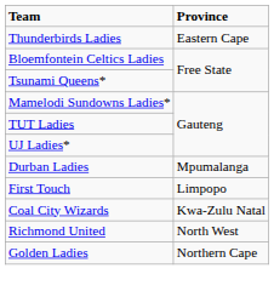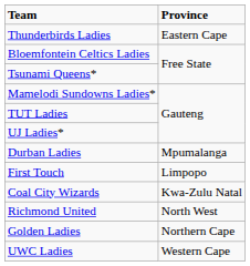 <table class="wikitable sortable" style="text_align: left;">
 <tr>
 <td><strong>Team</strong></td>
 <td><strong>Province</strong></td>
 </tr>
 <tr>
 <td><a href='#'>Thunderbirds Ladies</a></td>
 <td>Eastern Cape</td>
 </tr>
 <tr>
 <td><a href='#'>Bloemfontein Celtics Ladies</a></td>
 <td rowspan="2">Free State</td>
 </tr>
 <tr>
 <td><a href='#'>Tsunami Queens</a>*</td>
 </tr>
 <tr>
 <td><a href='#'>Mamelodi Sundowns Ladies</a>*</td>
 <td rowspan="3">Gauteng</td>
 </tr>
 <tr>
 <td><a href='#'>TUT Ladies</a></td>
 </tr>
 <tr>
 <td><a href='#'>UJ Ladies</a>*</td>
 </tr>
 <tr>
 <td><a href='#'>Durban Ladies</a></td>
 <td>Mpumalanga</td>
 </tr>
 <tr>
 <td><a href='#'>First Touch</a></td>
 <td>Limpopo</td>
 </tr>
 <tr>
 <td><a href='#'>Coal City Wizards</a></td>
 <td>Kwa-Zulu Natal</td>
 </tr>
 <tr>
 <td><a href='#'>Richmond United</a></td>
 <td>North West</td>
 </tr>
 <tr>
 <td><a href='#'>Golden Ladies</a></td>
 <td>Northern Cape</td>
 </tr>
+<tr>
+<td><a href='#'>UWC Ladies</a></td>
+<td>Western Cape</td>
+</tr>
 </table>
